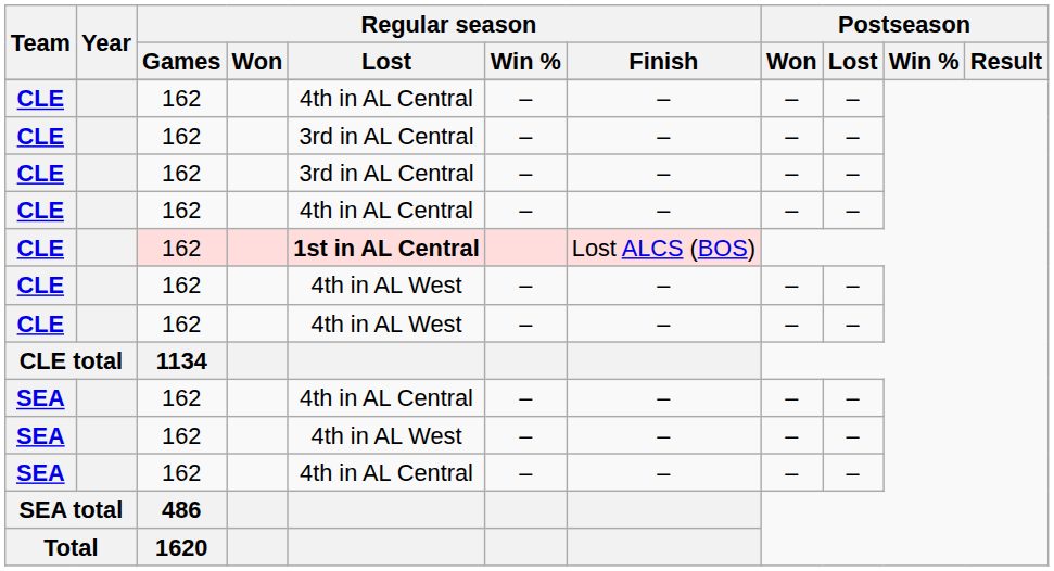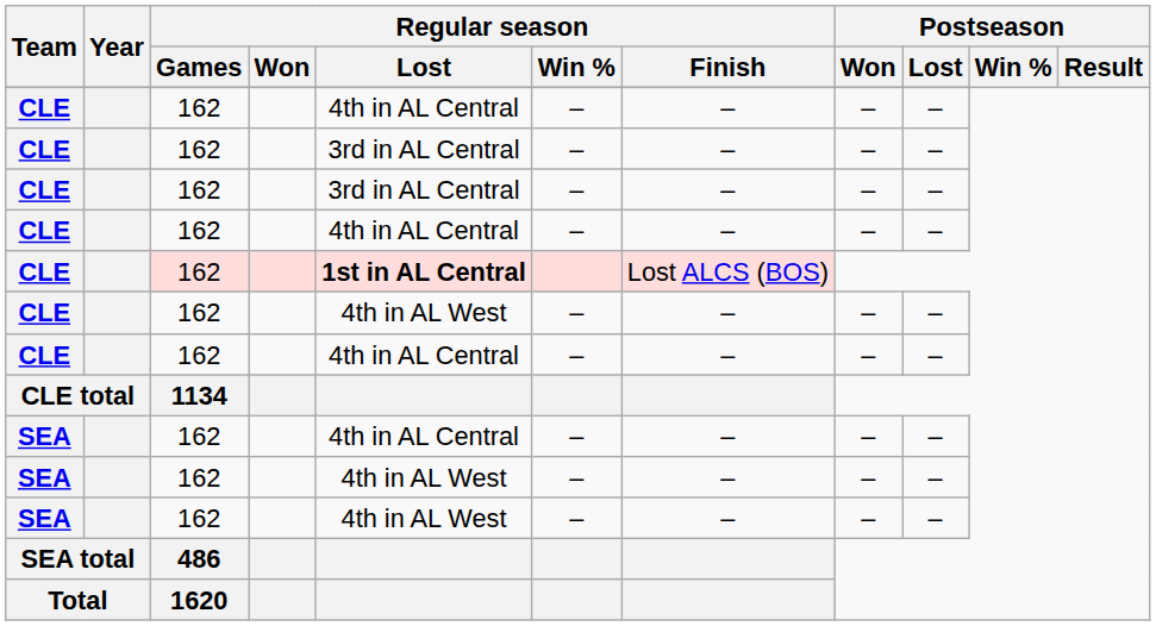 <table class="wikitable" style="font-size: 95%; text-align:center;">
 <tr>
 <th rowspan="2">Team</th>
 <th rowspan="2">Year</th>
 <th colspan="5">Regular season</th>
 <th colspan="4">Postseason</th>
 </tr>
 <tr>
 <th>Games</th>
 <th>Won</th>
 <th>Lost</th>
 <th>Win %</th>
 <th>Finish</th>
 <th>Won</th>
 <th>Lost</th>
 <th>Win %</th>
 <th>Result</th>
 </tr>
 <tr>
 </tr>
 <tr>
 <th><a href='#'>CLE</a></th>
 <th></th>
 <td>162</td>
 <td></td>
 <td>4th in AL Central</td>
 <td>–</td>
 <td>–</td>
 <td>–</td>
 <td>–</td>
 </tr>
 <tr>
 <th><a href='#'>CLE</a></th>
 <th></th>
 <td>162</td>
 <td></td>
 <td>3rd in AL Central</td>
 <td>–</td>
 <td>–</td>
 <td>–</td>
 <td>–</td>
 </tr>
 <tr>
 <th><a href='#'>CLE</a></th>
 <th></th>
 <td>162</td>
 <td></td>
 <td>3rd in AL Central</td>
 <td>–</td>
 <td>–</td>
 <td>–</td>
 <td>–</td>
 </tr>
 <tr>
 <th><a href='#'>CLE</a></th>
 <th></th>
 <td>162</td>
 <td></td>
 <td>4th in AL Central</td>
 <td>–</td>
 <td>–</td>
 <td>–</td>
 <td>–</td>
 </tr>
 <tr style="background:#fdd">
 <th><a href='#'>CLE</a></th>
 <th></th>
 <td>162</td>
 <td></td>
 <td><strong>1st in AL Central</strong></td>
 <td></td>
 <td>Lost <a href='#'>ALCS</a> (<a href='#'>BOS</a>)</td>
 </tr>
 <tr>
 <th><a href='#'>CLE</a></th>
 <th></th>
 <td>162</td>
 <td></td>
 <td>4th in AL West</td>
 <td>–</td>
 <td>–</td>
 <td>–</td>
 <td>–</td>
 </tr>
 <tr>
 <th><a href='#'>CLE</a></th>
 <th></th>
 <td>162</td>
 <td></td>
-<td>4th in AL West</td>
+<td>4th in AL Central</td>
 <td>–</td>
 <td>–</td>
 <td>–</td>
 <td>–</td>
 </tr>
 <tr>
 <th colspan="2">CLE total</th>
 <th>1134</th>
 <th></th>
 <th></th>
 <th></th>
 <th></th>
 </tr>
 <tr>
 <th><a href='#'>SEA</a></th>
 <th></th>
 <td>162</td>
 <td></td>
 <td>4th in AL Central</td>
 <td>–</td>
 <td>–</td>
 <td>–</td>
 <td>–</td>
 </tr>
 <tr>
 <th><a href='#'>SEA</a></th>
 <th></th>
 <td>162</td>
 <td></td>
 <td>4th in AL West</td>
 <td>–</td>
 <td>–</td>
 <td>–</td>
 <td>–</td>
 </tr>
 <tr>
 <th><a href='#'>SEA</a></th>
 <th></th>
 <td>162</td>
 <td></td>
-<td>4th in AL Central</td>
+<td>4th in AL West</td>
 <td>–</td>
 <td>–</td>
 <td>–</td>
 <td>–</td>
 </tr>
 <tr>
 <th colspan="2">SEA total</th>
 <th>486</th>
 <th></th>
 <th></th>
 <th></th>
 <th></th>
 </tr>
 <tr>
 <th colspan="2">Total</th>
 <th>1620</th>
 <th></th>
 <th></th>
 <th></th>
 <th></th>
 </tr>
 </table>
